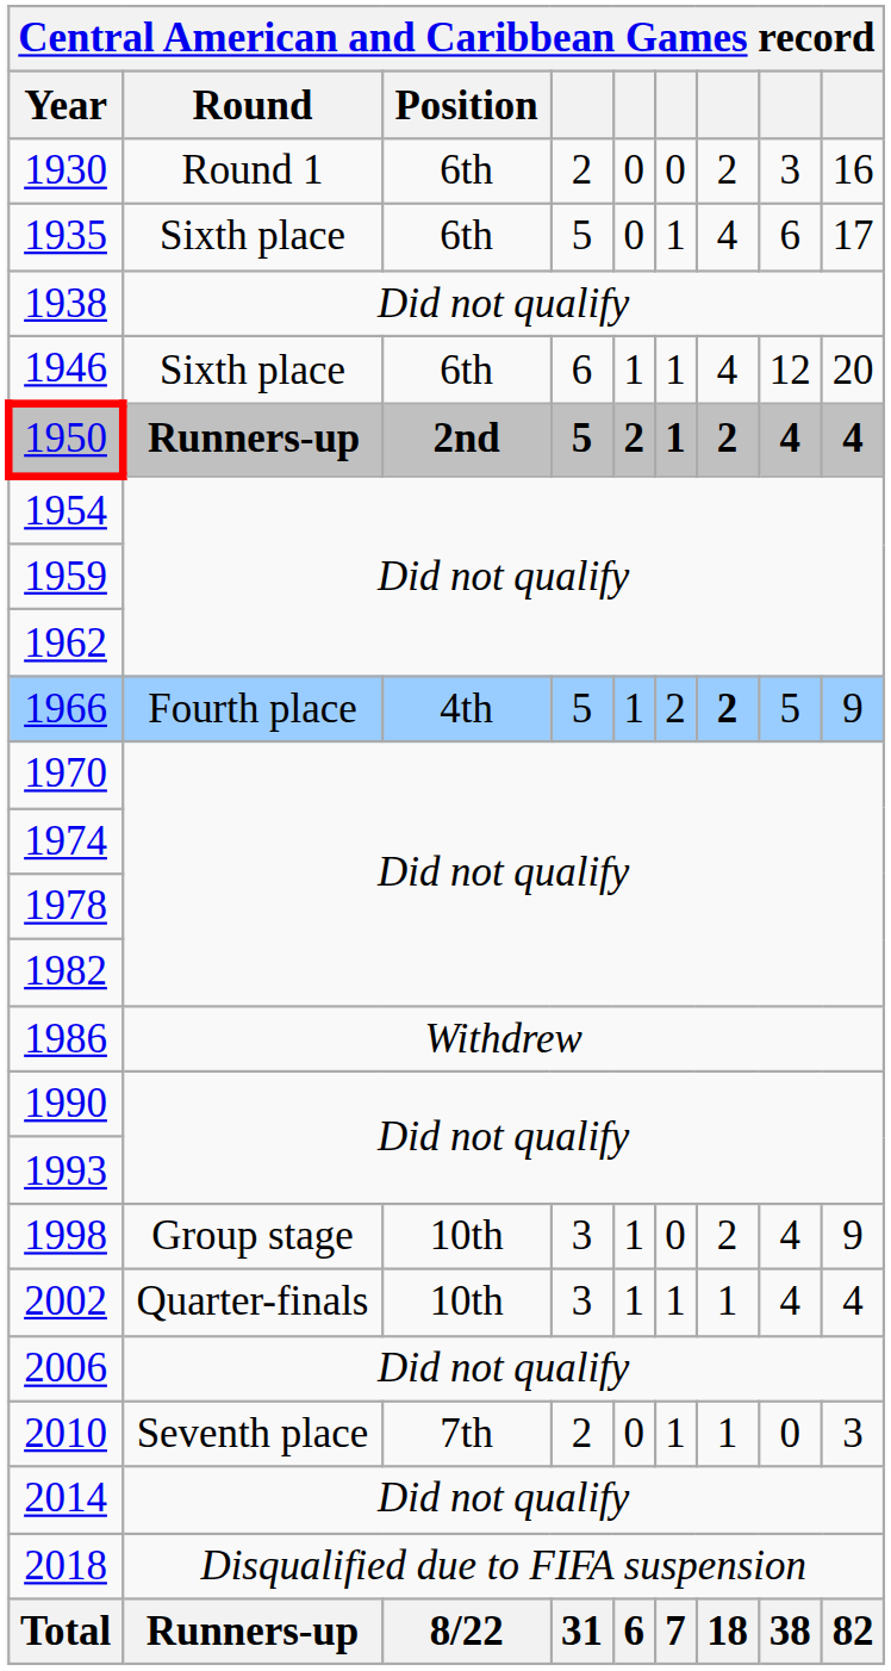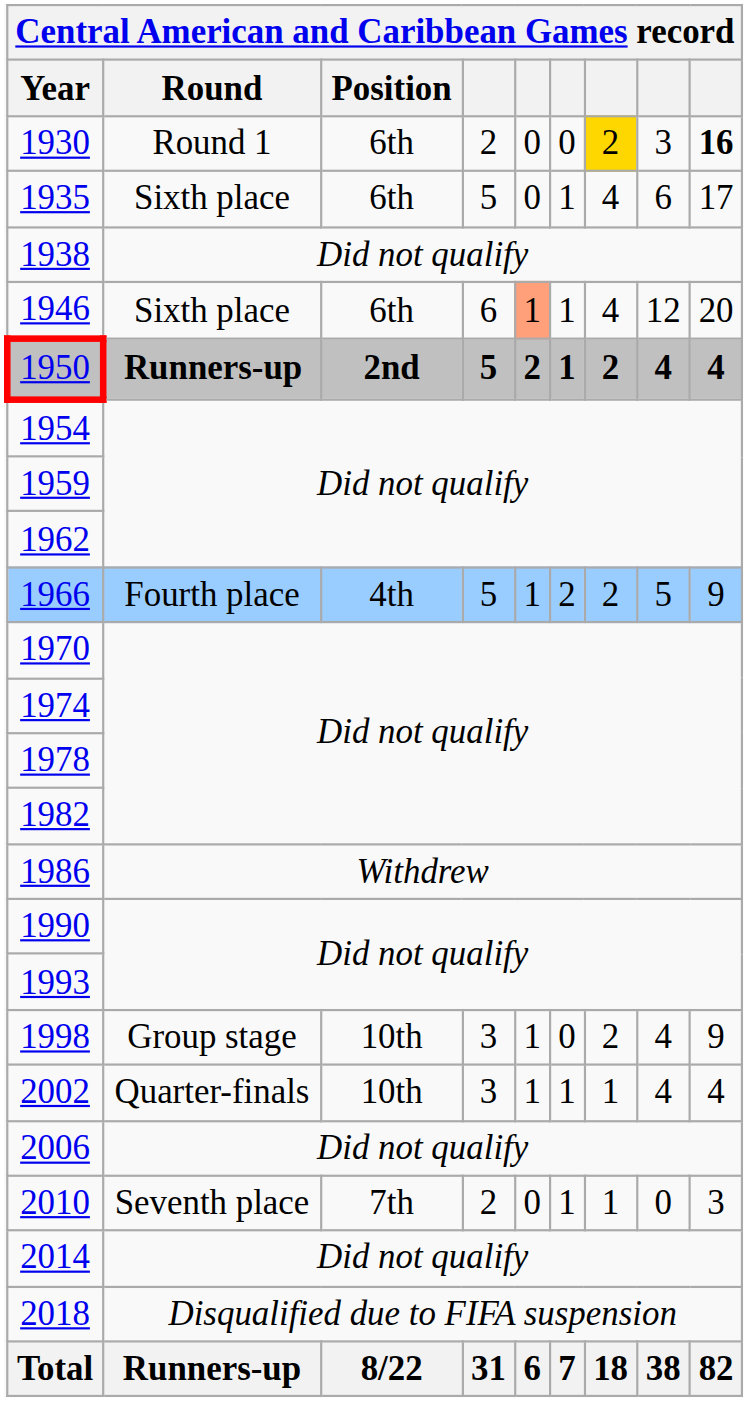 <table class="wikitable" style="text-align: center;">
 <tr>
 <th colspan=9><a href='#'>Central American and Caribbean Games</a> record</th>
 </tr>
 <tr>
 <th>Year</th>
 <th>Round</th>
 <th>Position</th>
 <th></th>
 <th></th>
 <th></th>
 <th></th>
 <th></th>
 <th></th>
 </tr>
 <tr>
 <td> <a href='#'>1930</a></td>
 <td>Round 1</td>
 <td>6th</td>
 <td>2</td>
 <td>0</td>
 <td>0</td>
-<td>2</td>
+<td style="background: gold;">2</td>
 <td>3</td>
-<td>16</td>
+<td><strong>16</strong></td>
 </tr>
 <tr>
 <td> <a href='#'>1935</a></td>
 <td>Sixth place</td>
 <td>6th</td>
 <td>5</td>
 <td>0</td>
 <td>1</td>
 <td>4</td>
 <td>6</td>
 <td>17</td>
 </tr>
 <tr>
 <td> <a href='#'>1938</a></td>
 <td colspan=8><em>Did not qualify</em></td>
 </tr>
 <tr>
 <td> <a href='#'>1946</a></td>
 <td>Sixth place</td>
 <td>6th</td>
 <td>6</td>
-<td>1</td>
+<td style="background: lightsalmon;">1</td>
 <td>1</td>
 <td>4</td>
 <td>12</td>
 <td>20</td>
 </tr>
 <tr style="background:silver;">
 <td style="border: 3px solid red"> <a href='#'>1950</a></td>
 <td><strong>Runners-up</strong></td>
 <td><strong>2nd</strong></td>
 <td><strong>5</strong></td>
 <td><strong>2</strong></td>
 <td><strong>1</strong></td>
 <td><strong>2</strong></td>
 <td><strong>4</strong></td>
 <td><strong>4</strong></td>
 </tr>
 <tr>
 <td> <a href='#'>1954</a></td>
 <td colspan=8 rowspan=3><em>Did not qualify</em></td>
 </tr>
 <tr>
 <td> <a href='#'>1959</a></td>
 </tr>
 <tr>
 <td> <a href='#'>1962</a></td>
 </tr>
 <tr style="background:#9acdff;">
 <td> <a href='#'>1966</a></td>
 <td>Fourth place</td>
 <td>4th</td>
 <td>5</td>
 <td>1</td>
 <td>2</td>
-<td><strong>2</strong></td>
+<td>2</td>
 <td>5</td>
 <td>9</td>
 </tr>
 <tr>
 <td> <a href='#'>1970</a></td>
 <td colspan=8 rowspan=4><em>Did not qualify</em></td>
 </tr>
 <tr>
 <td> <a href='#'>1974</a></td>
 </tr>
 <tr>
 <td> <a href='#'>1978</a></td>
 </tr>
 <tr>
 <td> <a href='#'>1982</a></td>
 </tr>
 <tr>
 <td> <a href='#'>1986</a></td>
 <td colspan=8><em>Withdrew</em></td>
 </tr>
 <tr>
 <td> <a href='#'>1990</a></td>
 <td colspan=8 rowspan=2><em>Did not qualify</em></td>
 </tr>
 <tr>
 <td> <a href='#'>1993</a></td>
 </tr>
 <tr>
 <td> <a href='#'>1998</a></td>
 <td>Group stage</td>
 <td>10th</td>
 <td>3</td>
 <td>1</td>
 <td>0</td>
 <td>2</td>
 <td>4</td>
 <td>9</td>
 </tr>
 <tr>
 <td> <a href='#'>2002</a></td>
 <td>Quarter-finals</td>
 <td>10th</td>
 <td>3</td>
 <td>1</td>
 <td>1</td>
 <td>1</td>
 <td>4</td>
 <td>4</td>
 </tr>
 <tr>
 <td> <a href='#'>2006</a></td>
 <td colspan=8><em>Did not qualify</em></td>
 </tr>
 <tr>
 <td> <a href='#'>2010</a></td>
 <td>Seventh place</td>
 <td>7th</td>
 <td>2</td>
 <td>0</td>
 <td>1</td>
 <td>1</td>
 <td>0</td>
 <td>3</td>
 </tr>
 <tr>
 <td> <a href='#'>2014</a></td>
 <td colspan=8><em>Did not qualify</em></td>
 </tr>
 <tr>
 <td> <a href='#'>2018</a></td>
 <td colspan=8><em>Disqualified due to FIFA suspension</em></td>
 </tr>
 <tr>
 <th>Total</th>
 <th>Runners-up</th>
 <th>8/22</th>
 <th>31</th>
 <th>6</th>
 <th>7</th>
 <th>18</th>
 <th>38</th>
 <th>82</th>
 </tr>
 </table>
